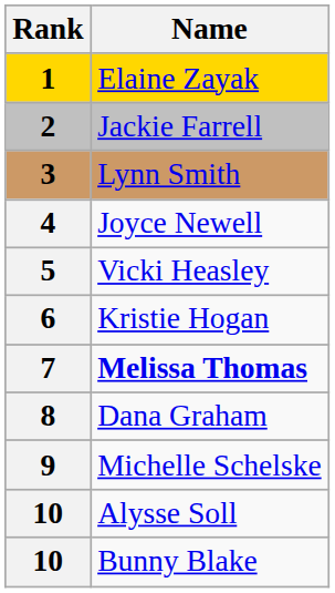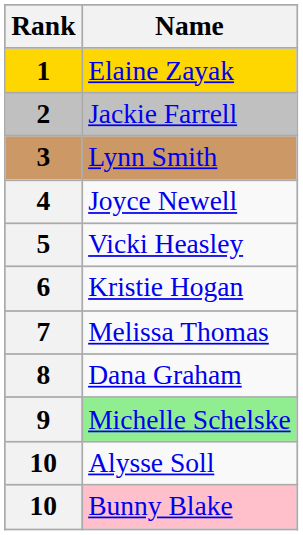 <table class="wikitable">
 <tr>
 <th>Rank</th>
 <th>Name</th>
 </tr>
 <tr bgcolor="gold">
 <td align="center"><strong>1</strong></td>
 <td><a href='#'>Elaine Zayak</a></td>
 </tr>
 <tr bgcolor="silver">
 <td align="center"><strong>2</strong></td>
 <td><a href='#'>Jackie Farrell</a></td>
 </tr>
 <tr bgcolor="cc9966">
 <td align="center"><strong>3</strong></td>
 <td><a href='#'>Lynn Smith</a></td>
 </tr>
 <tr>
 <th>4</th>
 <td><a href='#'>Joyce Newell</a></td>
 </tr>
 <tr>
 <th>5</th>
 <td><a href='#'>Vicki Heasley</a></td>
 </tr>
 <tr>
 <th>6</th>
 <td><a href='#'>Kristie Hogan</a></td>
 </tr>
 <tr>
 <th>7</th>
-<td><strong><a href='#'>Melissa Thomas</a></strong></td>
+<td><a href='#'>Melissa Thomas</a></td>
 </tr>
 <tr>
 <th>8</th>
 <td><a href='#'>Dana Graham</a></td>
 </tr>
 <tr>
 <th>9</th>
-<td><a href='#'>Michelle Schelske</a></td>
+<td style="background: lightgreen;"><a href='#'>Michelle Schelske</a></td>
 </tr>
 <tr>
 <th>10</th>
 <td><a href='#'>Alysse Soll</a></td>
 </tr>
 <tr>
 <th>10</th>
-<td><a href='#'>Bunny Blake</a></td>
+<td style="background: pink;"><a href='#'>Bunny Blake</a></td>
 </tr>
 </table>
